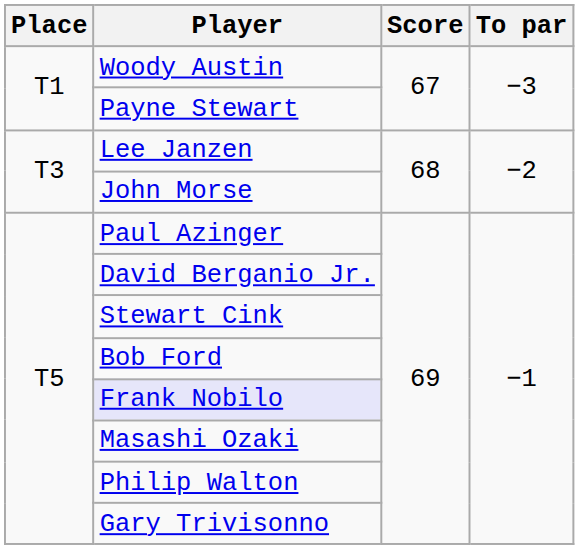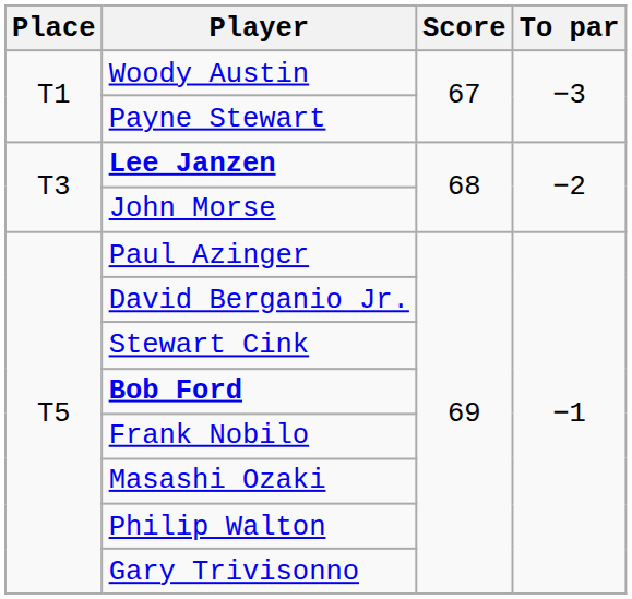 <table class="wikitable">
 <tr>
 <th>Place</th>
 <th>Player</th>
 <th>Score</th>
 <th>To par</th>
 </tr>
 <tr>
 <td rowspan="2" align=center>T1</td>
 <td> <a href='#'>Woody Austin</a></td>
 <td rowspan="2" align=center>67</td>
 <td rowspan="2" align=center>−3</td>
 </tr>
 <tr>
 <td> <a href='#'>Payne Stewart</a></td>
 </tr>
 <tr>
 <td rowspan="2" align=center>T3</td>
-<td> <a href='#'>Lee Janzen</a></td>
+<td><strong> <a href='#'>Lee Janzen</a></strong></td>
 <td rowspan="2" align=center>68</td>
 <td rowspan="2" align=center>−2</td>
 </tr>
 <tr>
 <td> <a href='#'>John Morse</a></td>
 </tr>
 <tr>
 <td rowspan="8" align=center>T5</td>
 <td> <a href='#'>Paul Azinger</a></td>
 <td rowspan="8" align=center>69</td>
 <td rowspan="8" align=center>−1</td>
 </tr>
 <tr>
 <td> <a href='#'>David Berganio Jr.</a></td>
 </tr>
 <tr>
 <td> <a href='#'>Stewart Cink</a></td>
 </tr>
 <tr>
-<td> <a href='#'>Bob Ford</a></td>
+<td><strong> <a href='#'>Bob Ford</a></strong></td>
 </tr>
 <tr>
-<td style="background: lavender;"> <a href='#'>Frank Nobilo</a></td>
+<td> <a href='#'>Frank Nobilo</a></td>
 </tr>
 <tr>
 <td> <a href='#'>Masashi Ozaki</a></td>
 </tr>
 <tr>
 <td> <a href='#'>Philip Walton</a></td>
 </tr>
 <tr>
 <td> <a href='#'>Gary Trivisonno</a></td>
 </tr>
 </table>
